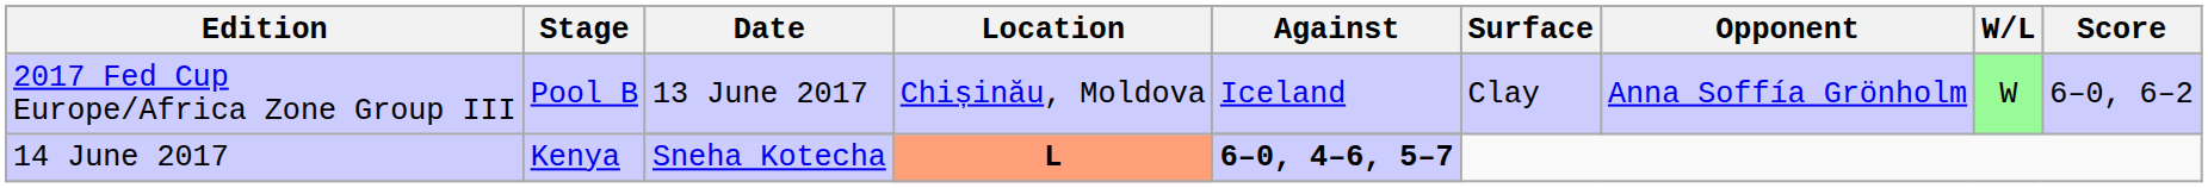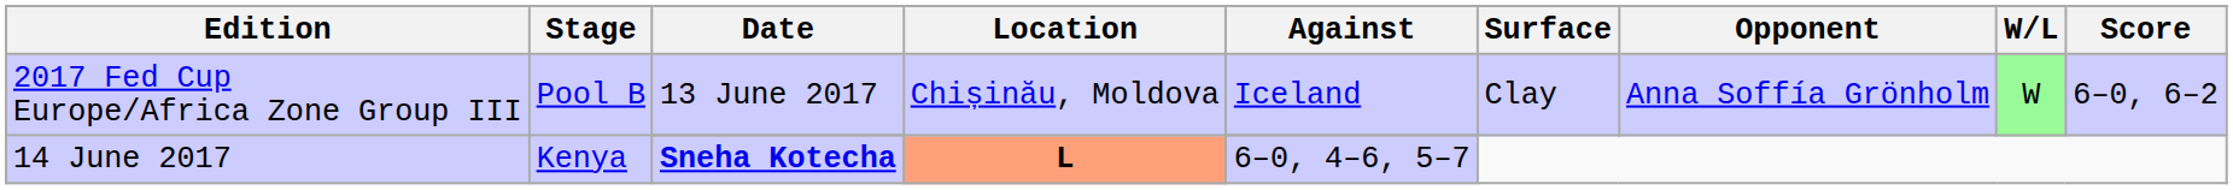 <table class=wikitable style=font-size:97%>
 <tr>
 <th>Edition</th>
 <th>Stage</th>
 <th>Date</th>
 <th>Location</th>
 <th>Against</th>
 <th>Surface</th>
 <th>Opponent</th>
 <th>W/L</th>
 <th>Score</th>
 </tr>
 <tr style="background:#CCCCFF;">
 <td rowspan=2><a href='#'>2017 Fed Cup</a> <br> Europe/Africa Zone Group III</td>
 <td rowspan=2><a href='#'>Pool B</a></td>
 <td>13 June 2017</td>
 <td rowspan=2><a href='#'>Chișinău</a>, Moldova</td>
 <td> <a href='#'>Iceland</a></td>
 <td rowspan=2>Clay</td>
 <td><a href='#'>Anna Soffía Grönholm</a></td>
 <td style="text-align:center; background:#98fb98;">W</td>
 <td>6–0, 6–2</td>
 </tr>
 <tr>
 </tr>
 <tr style="background:#CCCCFF;">
 <td>14 June 2017</td>
 <td> <a href='#'>Kenya</a></td>
-<td><a href='#'>Sneha Kotecha</a></td>
+<td><strong><a href='#'>Sneha Kotecha</a></strong></td>
 <td style="text-align:center; background:#ffa07a;"><strong>L</strong></td>
-<td><strong>6–0, 4–6, 5–7</strong></td>
+<td>6–0, 4–6, 5–7</td>
 </tr>
 </table>
